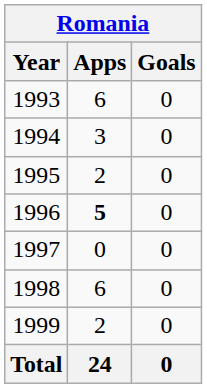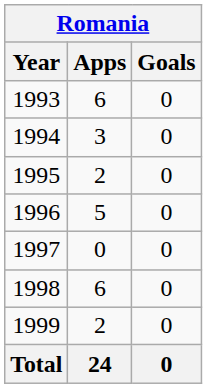 <table class="wikitable" style="text-align:center">
 <tr>
 <th colspan=3><a href='#'>Romania</a></th>
 </tr>
 <tr>
 <th>Year</th>
 <th>Apps</th>
 <th>Goals</th>
 </tr>
 <tr>
 <td>1993</td>
 <td>6</td>
 <td>0</td>
 </tr>
 <tr>
 <td>1994</td>
 <td>3</td>
 <td>0</td>
 </tr>
 <tr>
 <td>1995</td>
 <td>2</td>
 <td>0</td>
 </tr>
 <tr>
 <td>1996</td>
-<td><strong>5</strong></td>
+<td>5</td>
 <td>0</td>
 </tr>
 <tr>
 <td>1997</td>
 <td>0</td>
 <td>0</td>
 </tr>
 <tr>
 <td>1998</td>
 <td>6</td>
 <td>0</td>
 </tr>
 <tr>
 <td>1999</td>
 <td>2</td>
 <td>0</td>
 </tr>
 <tr>
 <th>Total</th>
 <th>24</th>
 <th>0</th>
 </tr>
 </table>
